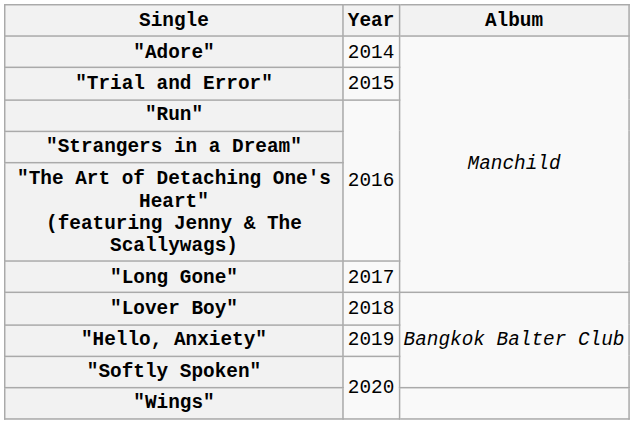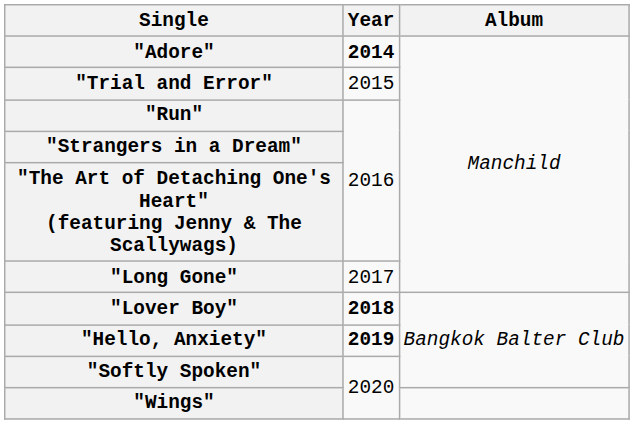 <table class="wikitable plainrowheaders" style="text-align:center;">
 <tr>
 <th scope="col" style="width:17em;">Single</th>
 <th scope="col">Year</th>
 <th scope="col">Album</th>
 </tr>
 <tr>
 <th scope="row">"Adore"</th>
-<td>2014</td>
+<td><strong>2014</strong></td>
 <td rowspan="6"><em>Manchild</em></td>
 </tr>
 <tr>
 <th scope="row">"Trial and Error"</th>
 <td>2015</td>
 </tr>
 <tr>
 <th scope="row">"Run"</th>
 <td rowspan="3">2016</td>
 </tr>
 <tr>
 <th scope="row">"Strangers in a Dream"</th>
 </tr>
 <tr>
 <th scope="row">"The Art of Detaching One's Heart"<br><span>(featuring Jenny & The Scallywags)</span></th>
 </tr>
 <tr>
 <th scope="row">"Long Gone"</th>
 <td>2017</td>
 </tr>
 <tr>
 <th scope="row">"Lover Boy"</th>
-<td>2018</td>
+<td><strong>2018</strong></td>
 <td rowspan="3"><em>Bangkok Balter Club</em></td>
 </tr>
 <tr>
 <th scope="row">"Hello, Anxiety"</th>
-<td>2019</td>
+<td><strong>2019</strong></td>
 </tr>
 <tr>
 <th scope="row">"Softly Spoken"</th>
 <td rowspan="2">2020</td>
 </tr>
 <tr>
 <th scope="row">"Wings"<br></th>
 <td></td>
 </tr>
 </table>
